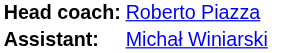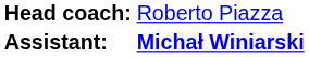 <table>
 <tr>
 <td><strong>Head coach:</strong></td>
 <td> <a href='#'>Roberto Piazza</a></td>
 </tr>
 <tr>
 <td><strong>Assistant:</strong></td>
-<td> <a href='#'>Michał Winiarski</a></td>
+<td><strong> <a href='#'>Michał Winiarski</a></strong></td>
 </tr>
 </table>
